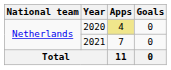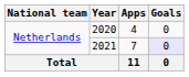 <table class=wikitable style="text-align: center;">
 <tr>
 <th>National team</th>
 <th>Year</th>
 <th>Apps</th>
 <th>Goals</th>
 </tr>
 <tr>
 <td rowspan=2><a href='#'>Netherlands</a></td>
 <td>2020</td>
-<td style="background: khaki;">4</td>
+<td>4</td>
 <td>0</td>
 </tr>
 <tr>
 <td>2021</td>
 <td>7</td>
-<td>0</td>
+<td style="background: lavender;">0</td>
 </tr>
 <tr>
 <th colspan=2>Total</th>
 <th>11</th>
 <th>0</th>
 </tr>
 </table>
